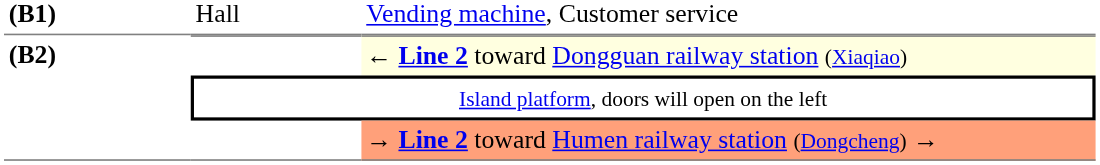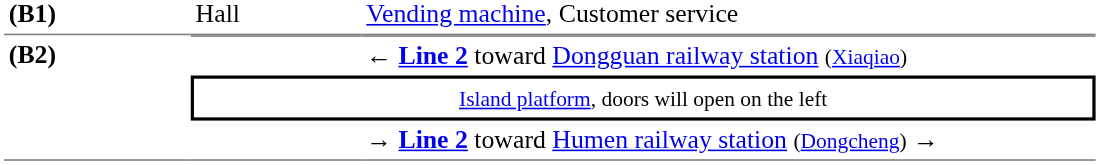 <table table border=0 cellspacing=0 cellpadding=3>
 <tr>
 <td style="border-bottom:solid 1px gray;border-top:solid 0px gray;" width=110 valign=top><strong>(B1)</strong></td>
 <td style="border-top:solid 0px gray;border-bottom:solid 1px gray;" width=100 valign=top>Hall</td>
 <td style="border-top:solid 0px gray;border-bottom:solid 1px gray;" width=390 valign=top><a href='#'>Vending machine</a>, Customer service</td>
 </tr>
 <tr>
 <td style="border-top:solid 0px gray;border-bottom:solid 1px gray;" width=110 rowspan=3 valign=top><strong>(B2)</strong></td>
 <td style="border-top:solid 1px gray;" width=100><span></span></td>
-<td style="background: lightyellow; border-top:solid 1px gray;" width=450>← <a href='#'><span><strong>Line 2</strong></span></a> toward <a href='#'>Dongguan railway station</a> <small>(<a href='#'>Xiaqiao</a>)</small></td>
+<td style="border-top:solid 1px gray;" width=450>← <a href='#'><span><strong>Line 2</strong></span></a> toward <a href='#'>Dongguan railway station</a> <small>(<a href='#'>Xiaqiao</a>)</small></td>
 </tr>
 <tr>
 <td style="border-top:solid 2px black;border-right:solid 2px black;border-left:solid 2px black;border-bottom:solid 2px black;text-align:center;" colspan=2><small><a href='#'>Island platform</a>, doors will open on the left</small></td>
 </tr>
 <tr>
 <td style="border-bottom:solid 1px gray;" width=100><span></span></td>
-<td style="background: lightsalmon; border-bottom:solid 1px gray;" width=390><span>→</span> <a href='#'><span><strong>Line 2</strong></span></a> toward <a href='#'>Humen railway station</a> <small>(<a href='#'>Dongcheng</a>)</small> →</td>
+<td style="border-bottom:solid 1px gray;" width=390><span>→</span> <a href='#'><span><strong>Line 2</strong></span></a> toward <a href='#'>Humen railway station</a> <small>(<a href='#'>Dongcheng</a>)</small> →</td>
 </tr>
 </table>
